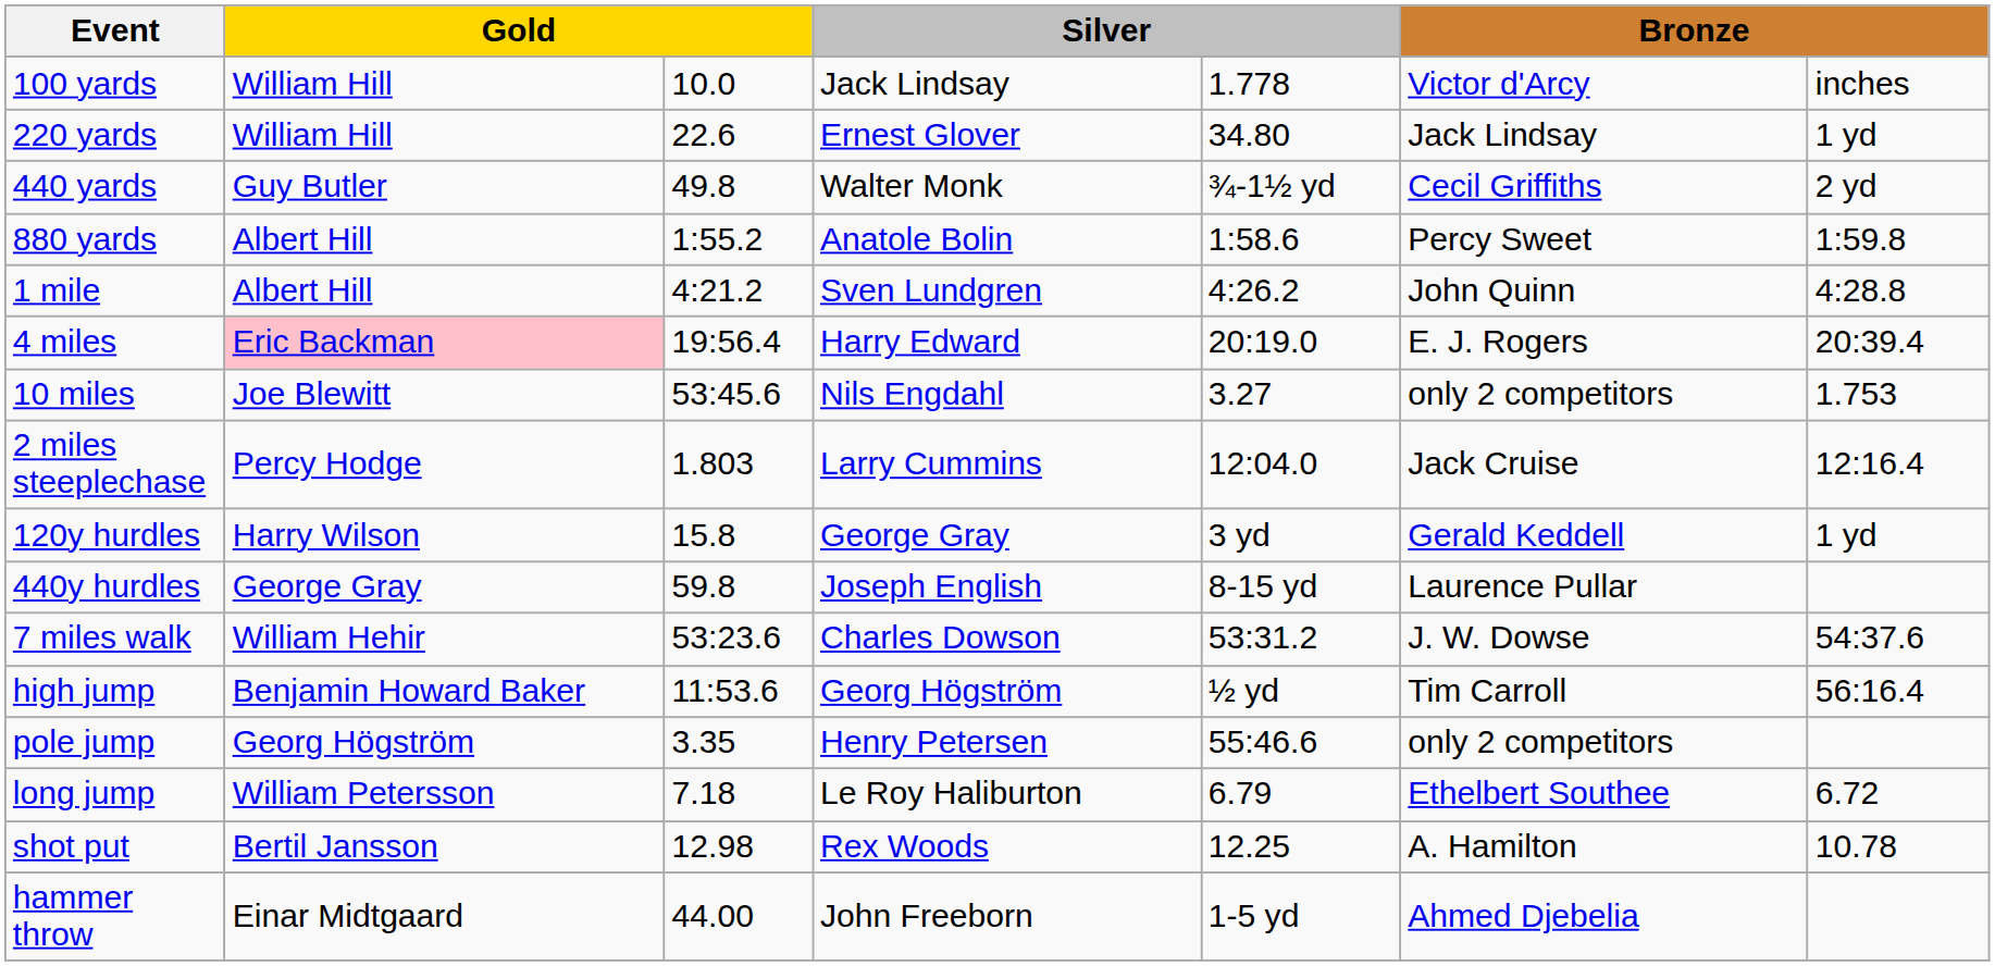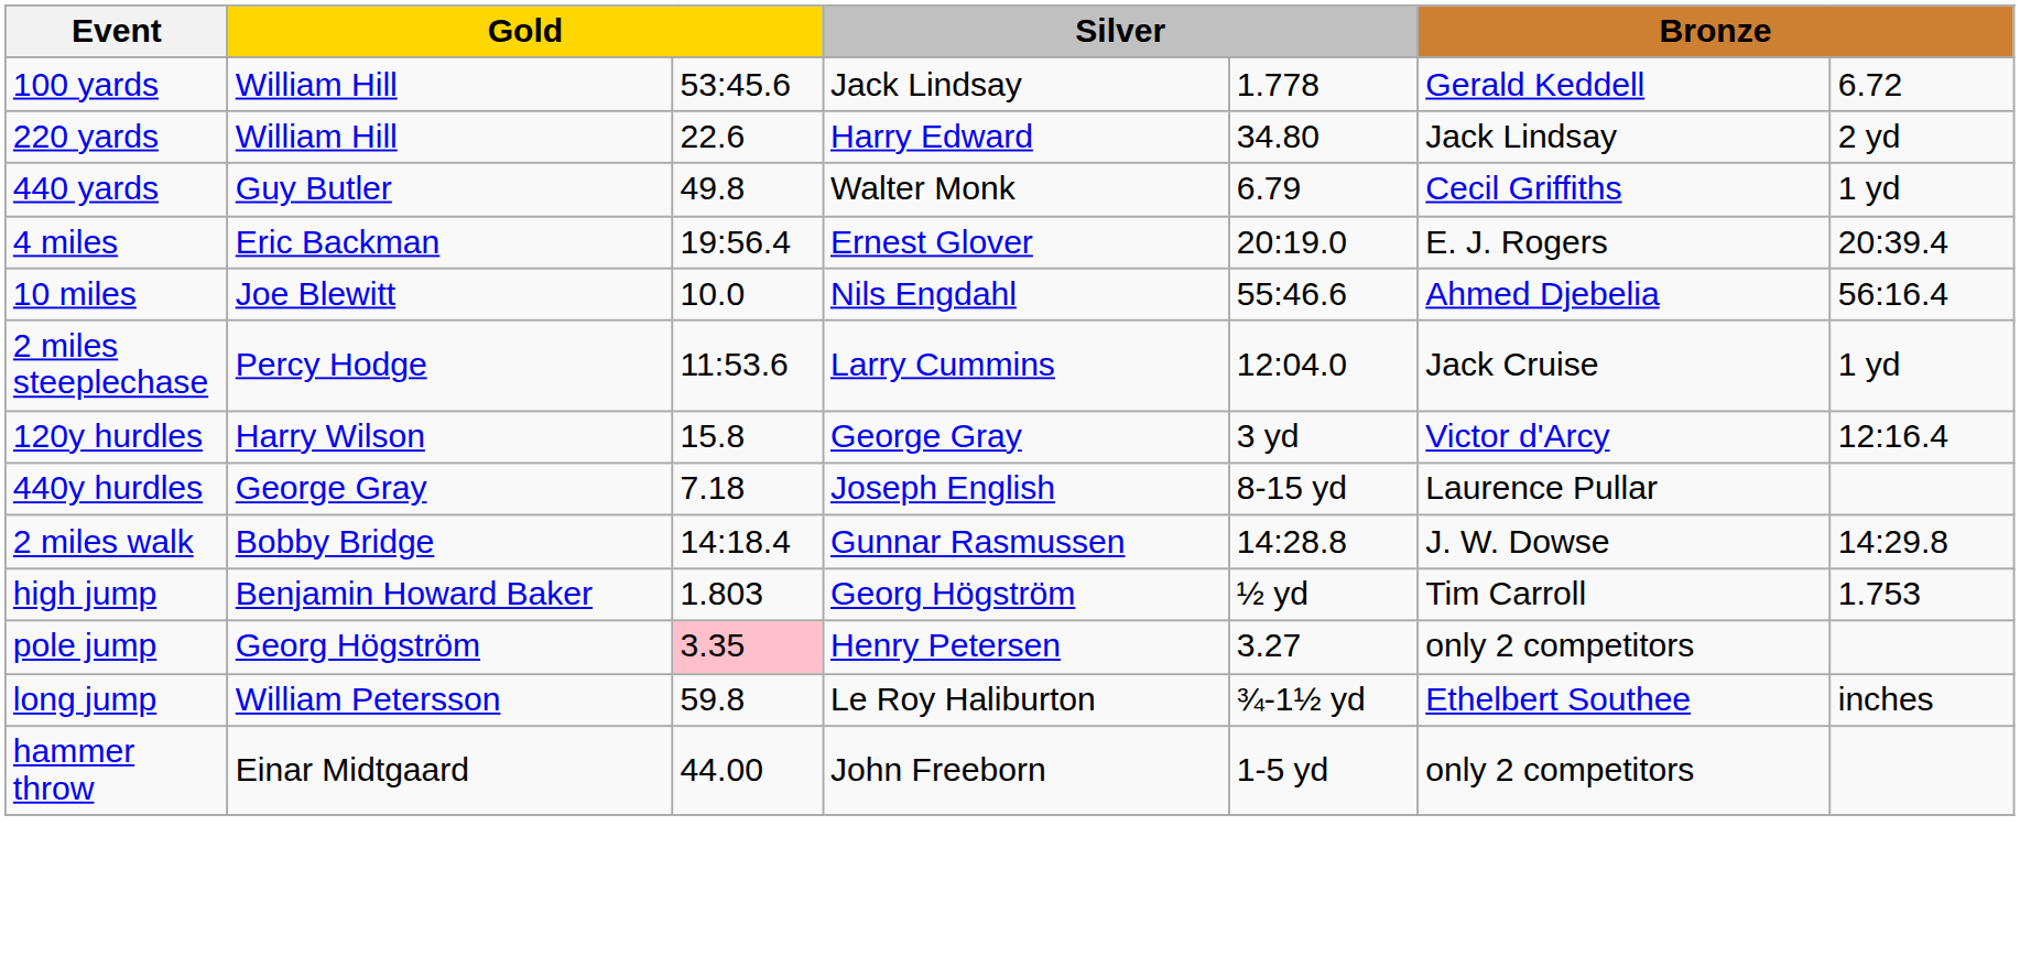 <table class="wikitable" style="text-align:left">
 <tr>
 <th width=100>Event</th>
 <th colspan="2" width="280" style="background:gold;">Gold</th>
 <th colspan="2" width="280" style="background:silver;">Silver</th>
 <th colspan="2" width="280" style="background:#CD7F32;">Bronze</th>
 </tr>
 <tr>
 <td><a href='#'>100 yards</a></td>
 <td><a href='#'>William Hill</a></td>
-<td>10.0</td>
+<td>53:45.6</td>
 <td> Jack Lindsay</td>
 <td>1.778</td>
-<td><a href='#'>Victor d'Arcy</a></td>
-<td>inches</td>
+<td> <a href='#'>Gerald Keddell</a></td>
+<td>6.72</td>
 </tr>
 <tr>
 <td><a href='#'>220 yards</a></td>
 <td><a href='#'>William Hill</a></td>
 <td>22.6</td>
-<td><a href='#'>Ernest Glover</a></td>
+<td><a href='#'>Harry Edward</a></td>
 <td>34.80</td>
 <td> Jack Lindsay</td>
-<td>1 yd</td>
+<td>2 yd</td>
 </tr>
 <tr>
 <td><a href='#'>440 yards</a></td>
 <td><a href='#'>Guy Butler</a></td>
 <td>49.8</td>
 <td>Walter Monk</td>
-<td>¾-1½ yd</td>
+<td>6.79</td>
 <td> <a href='#'>Cecil Griffiths</a></td>
-<td>2 yd</td>
-</tr>
-<tr>
-<td><a href='#'>880 yards</a></td>
-<td><a href='#'>Albert Hill</a></td>
-<td>1:55.2</td>
-<td> <a href='#'>Anatole Bolin</a></td>
-<td>1:58.6</td>
-<td>Percy Sweet</td>
-<td>1:59.8</td>
-</tr>
-<tr>
-<td><a href='#'>1 mile</a></td>
-<td><a href='#'>Albert Hill</a></td>
-<td>4:21.2</td>
-<td> <a href='#'>Sven Lundgren</a></td>
-<td>4:26.2</td>
-<td>John Quinn</td>
-<td>4:28.8</td>
+<td>1 yd</td>
 </tr>
 <tr>
 <td><a href='#'>4 miles</a></td>
-<td style="background: pink;"> <a href='#'>Eric Backman</a></td>
+<td> <a href='#'>Eric Backman</a></td>
 <td>19:56.4</td>
-<td><a href='#'>Harry Edward</a></td>
+<td><a href='#'>Ernest Glover</a></td>
 <td>20:19.0</td>
 <td>E. J. Rogers</td>
 <td>20:39.4</td>
 </tr>
 <tr>
 <td><a href='#'>10 miles</a></td>
 <td><a href='#'>Joe Blewitt</a></td>
-<td>53:45.6</td>
+<td>10.0</td>
 <td> <a href='#'>Nils Engdahl</a></td>
-<td>3.27</td>
-<td>only 2 competitors</td>
-<td>1.753</td>
+<td>55:46.6</td>
+<td> <a href='#'>Ahmed Djebelia</a></td>
+<td>56:16.4</td>
 </tr>
 <tr>
 <td><a href='#'>2 miles steeplechase</a></td>
 <td><a href='#'>Percy Hodge</a></td>
-<td>1.803</td>
+<td>11:53.6</td>
 <td> <a href='#'>Larry Cummins</a></td>
 <td>12:04.0</td>
 <td>Jack Cruise</td>
-<td>12:16.4</td>
+<td>1 yd</td>
 </tr>
 <tr>
 <td><a href='#'>120y hurdles</a></td>
 <td> <a href='#'>Harry Wilson</a></td>
 <td>15.8</td>
 <td><a href='#'>George Gray</a></td>
 <td>3 yd</td>
-<td> <a href='#'>Gerald Keddell</a></td>
-<td>1 yd</td>
+<td><a href='#'>Victor d'Arcy</a></td>
+<td>12:16.4</td>
 </tr>
 <tr>
 <td><a href='#'>440y hurdles</a></td>
 <td><a href='#'>George Gray</a></td>
-<td>59.8</td>
+<td>7.18</td>
 <td><a href='#'>Joseph English</a></td>
 <td>8-15 yd</td>
 <td>Laurence Pullar</td>
 <td></td>
 </tr>
 <tr>
-<td><a href='#'>7 miles walk</a></td>
-<td><a href='#'>William Hehir</a></td>
-<td>53:23.6</td>
-<td><a href='#'>Charles Dowson</a></td>
-<td>53:31.2</td>
+<td><a href='#'>2 miles walk</a></td>
+<td><a href='#'>Bobby Bridge</a></td>
+<td>14:18.4</td>
+<td> <a href='#'>Gunnar Rasmussen</a></td>
+<td>14:28.8</td>
 <td>J. W. Dowse</td>
-<td>54:37.6</td>
+<td>14:29.8</td>
 </tr>
 <tr>
 <td><a href='#'>high jump</a></td>
 <td><a href='#'>Benjamin Howard Baker</a></td>
-<td>11:53.6</td>
+<td>1.803</td>
 <td> <a href='#'>Georg Högström</a></td>
 <td>½ yd</td>
 <td> Tim Carroll</td>
-<td>56:16.4</td>
+<td>1.753</td>
 </tr>
 <tr>
 <td><a href='#'>pole jump</a></td>
 <td> <a href='#'>Georg Högström</a></td>
-<td>3.35</td>
+<td style="background: pink;">3.35</td>
 <td> <a href='#'>Henry Petersen</a></td>
-<td>55:46.6</td>
+<td>3.27</td>
 <td>only 2 competitors</td>
 <td></td>
 </tr>
 <tr>
 <td><a href='#'>long jump</a></td>
 <td> <a href='#'>William Petersson</a></td>
-<td>7.18</td>
+<td>59.8</td>
 <td> Le Roy Haliburton</td>
-<td>6.79</td>
+<td>¾-1½ yd</td>
 <td> <a href='#'>Ethelbert Southee</a></td>
-<td>6.72</td>
-</tr>
-<tr>
-<td><a href='#'>shot put</a></td>
-<td> <a href='#'>Bertil Jansson</a></td>
-<td>12.98</td>
-<td><a href='#'>Rex Woods</a></td>
-<td>12.25</td>
-<td>A. Hamilton</td>
-<td>10.78</td>
+<td>inches</td>
 </tr>
 <tr>
 <td><a href='#'>hammer throw</a></td>
 <td> Einar Midtgaard</td>
 <td>44.00</td>
 <td>John Freeborn</td>
 <td>1-5 yd</td>
-<td> <a href='#'>Ahmed Djebelia</a></td>
+<td>only 2 competitors</td>
 <td></td>
 </tr>
 </table>
